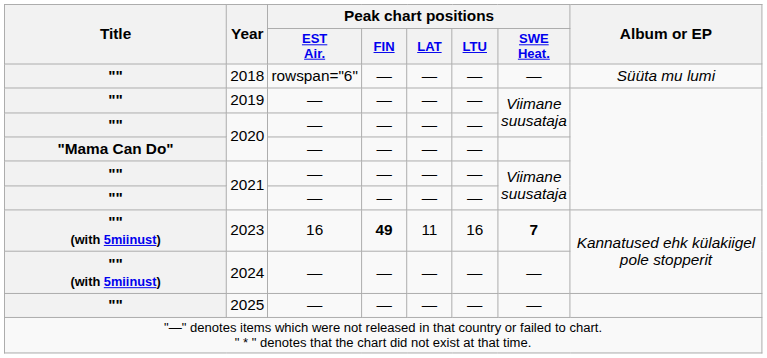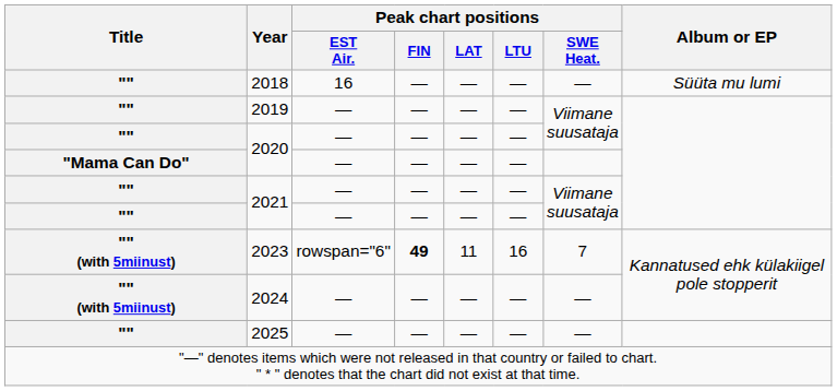 <table class="wikitable plainrowheaders" style="text-align:center;">
 <tr>
 <th scope="col" rowspan="2" style="width:14em;">Title</th>
 <th scope="col" rowspan="2">Year</th>
 <th colspan="5" scope="col">Peak chart positions</th>
 <th scope="col" rowspan="2" style="width:12em;">Album or EP</th>
 </tr>
 <tr>
 <th scope="col" style="width:3em;font-size:85%;"><a href='#'>EST<br>Air.</a><br></th>
 <th scope="col" style="width:3em;font-size:85%;"><a href='#'>FIN</a><br></th>
 <th scope="col" style="width:3em;font-size:85%;"><a href='#'>LAT</a><br></th>
 <th scope="col" style="width:3em;font-size:85%;"><a href='#'>LTU</a><br></th>
 <th scope="col" style="width:3em;font-size:85%;"><a href='#'>SWE<br>Heat.</a><br></th>
 </tr>
 <tr>
 <th scope="row">""</th>
 <td>2018</td>
-<td>rowspan="6" </td>
+<td>16</td>
 <td>—</td>
 <td>—</td>
 <td>—</td>
 <td>—</td>
 <td><em>Süüta mu lumi</em></td>
 </tr>
 <tr>
 <th scope="row">""</th>
 <td>2019</td>
 <td>—</td>
 <td>—</td>
 <td>—</td>
 <td>—</td>
 <td rowspan="2"><em>Viimane suusataja</em></td>
 </tr>
 <tr>
 <th scope="row">""</th>
 <td rowspan="2">2020</td>
 <td>—</td>
 <td>—</td>
 <td>—</td>
 <td>—</td>
 </tr>
 <tr>
 <th scope="row">"Mama Can Do"</th>
 <td>—</td>
 <td>—</td>
 <td>—</td>
 <td>—</td>
 <td></td>
 </tr>
 <tr>
 <th scope="row">""</th>
 <td rowspan="2">2021</td>
 <td>—</td>
 <td>—</td>
 <td>—</td>
 <td>—</td>
 <td rowspan="2"><em>Viimane suusataja</em></td>
 </tr>
 <tr>
 <th scope="row">""</th>
 <td>—</td>
 <td>—</td>
 <td>—</td>
 <td>—</td>
 </tr>
 <tr>
 <th scope="row">""<br><small>(with <a href='#'>5miinust</a>)</small></th>
 <td>2023</td>
-<td>16</td>
+<td>rowspan="6" </td>
 <td><strong>49</strong></td>
 <td>11</td>
 <td>16</td>
-<td><strong>7</strong></td>
+<td>7</td>
 <td rowspan="2"><em>Kannatused ehk külakiigel pole stopperit</em></td>
 </tr>
 <tr>
 <th scope="row">""<br><small>(with <a href='#'>5miinust</a>)</small></th>
 <td>2024</td>
 <td>—</td>
 <td>—</td>
 <td>—</td>
 <td>—</td>
 <td>—</td>
 </tr>
 <tr>
 <th scope="row">""</th>
 <td>2025</td>
 <td>—</td>
 <td>—</td>
 <td>—</td>
 <td>—</td>
 <td>—</td>
 <td></td>
 </tr>
 <tr>
 <td colspan="8" style="font-size:85%;">"—" denotes items which were not released in that country or failed to chart.<br>" * " denotes that the chart did not exist at that time.</td>
 </tr>
 </table>
